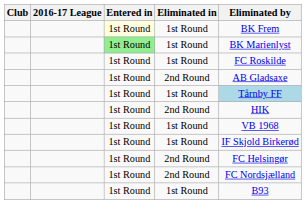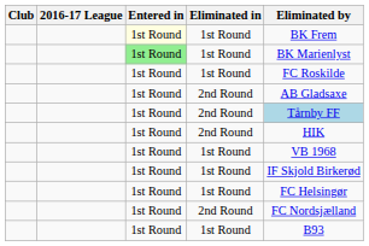 <table class="wikitable sortable">
 <tr>
 <th>Club</th>
 <th>2016-17 League</th>
 <th>Entered in</th>
 <th>Eliminated in</th>
 <th>Eliminated by</th>
 </tr>
 <tr>
 <td></td>
 <td></td>
 <td align="center" style="background: lightyellow;">1st Round</td>
 <td align="center">1st Round</td>
 <td align="center"><a href='#'>BK Frem</a></td>
 </tr>
 <tr>
 <td></td>
 <td></td>
 <td align="center" style="background: lightgreen;">1st Round</td>
 <td align="center">1st Round</td>
 <td align="center"><a href='#'>BK Marienlyst</a></td>
 </tr>
 <tr>
 <td></td>
 <td></td>
 <td align="center">1st Round</td>
 <td align="center">1st Round</td>
 <td align="center"><a href='#'>FC Roskilde</a></td>
 </tr>
 <tr>
 <td></td>
 <td></td>
 <td align="center">1st Round</td>
 <td align="center">2nd Round</td>
 <td align="center"><a href='#'>AB Gladsaxe</a></td>
 </tr>
 <tr>
 <td></td>
 <td></td>
 <td align="center">1st Round</td>
-<td align="center">1st Round</td>
+<td align="center">2nd Round</td>
 <td align="center" style="background: lightblue;"><a href='#'>Tårnby FF</a></td>
 </tr>
 <tr>
 <td></td>
 <td></td>
 <td align="center">1st Round</td>
 <td align="center">2nd Round</td>
 <td align="center"><a href='#'>HIK</a></td>
 </tr>
 <tr>
 <td></td>
 <td></td>
 <td align="center">1st Round</td>
 <td align="center">1st Round</td>
 <td align="center"><a href='#'>VB 1968</a></td>
 </tr>
 <tr>
 <td></td>
 <td></td>
 <td align="center">1st Round</td>
 <td align="center">1st Round</td>
 <td align="center"><a href='#'>IF Skjold Birkerød</a></td>
 </tr>
 <tr>
 <td></td>
 <td></td>
 <td align="center">1st Round</td>
-<td align="center">2nd Round</td>
+<td align="center">1st Round</td>
 <td align="center"><a href='#'>FC Helsingør</a></td>
 </tr>
 <tr>
 <td></td>
 <td></td>
 <td align="center">1st Round</td>
 <td align="center">2nd Round</td>
 <td align="center"><a href='#'>FC Nordsjælland</a></td>
 </tr>
 <tr>
 <td></td>
 <td></td>
 <td align="center">1st Round</td>
 <td align="center">1st Round</td>
 <td align="center"><a href='#'>B93</a></td>
 </tr>
 </table>
